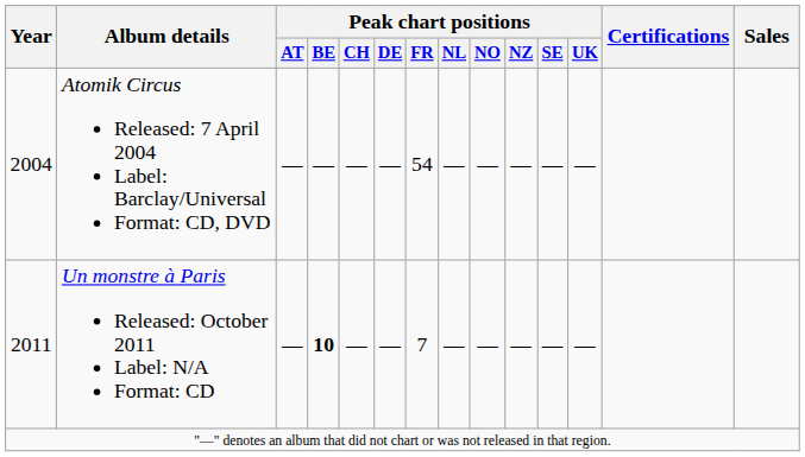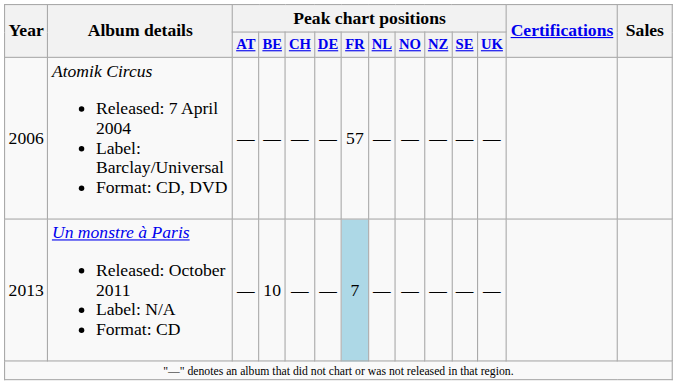 <table class="wikitable" style="text-align:center;">
 <tr>
 <th rowspan=2 width=5%>Year</th>
 <th rowspan=2 width=32%>Album details</th>
 <th colspan=10 width=30%>Peak chart positions</th>
 <th rowspan=2 width=17%><a href='#'>Certifications</a></th>
 <th rowspan=2 width=16%>Sales</th>
 </tr>
 <tr style=font-size:smaller>
 <th width:3%><a href='#'>AT</a><br></th>
 <th width:3%><a href='#'>BE</a><br></th>
 <th width:3%><a href='#'>CH</a><br></th>
 <th width:3%><a href='#'>DE</a><br></th>
 <th width:3%><a href='#'>FR</a><br></th>
 <th width:3%><a href='#'>NL</a><br></th>
 <th width:3%><a href='#'>NO</a><br></th>
 <th width:3%><a href='#'>NZ</a><br></th>
 <th width:3%><a href='#'>SE</a><br></th>
 <th width:3%><a href='#'>UK</a><br></th>
 </tr>
 <tr>
-<td>2004</td>
+<td>2006</td>
 <td align=left><em>Atomik Circus</em> <br><ul><li>Released: 7 April 2004</li><li>Label: Barclay/Universal </li><li>Format: CD, DVD</li></ul></td>
 <td>—</td>
 <td>—</td>
 <td>—</td>
 <td>—</td>
-<td>54</td>
+<td>57</td>
 <td>—</td>
 <td>—</td>
 <td>—</td>
 <td>—</td>
 <td>—</td>
 <td></td>
 <td></td>
 </tr>
 <tr>
-<td>2011</td>
+<td>2013</td>
 <td align=left><em><a href='#'>Un monstre à Paris</a></em> <br><ul><li>Released: October 2011</li><li>Label: N/A</li><li>Format: CD</li></ul></td>
 <td>—</td>
-<td><strong>10</strong></td>
+<td>10</td>
 <td>—</td>
 <td>—</td>
-<td>7</td>
+<td style="background: lightblue;">7</td>
 <td>—</td>
 <td>—</td>
 <td>—</td>
 <td>—</td>
 <td>—</td>
 <td></td>
 <td></td>
 </tr>
 <tr>
 <td colspan=14 style=font-size:8pt>"—" denotes an album that did not chart or was not released in that region.</td>
 </tr>
 </table>
